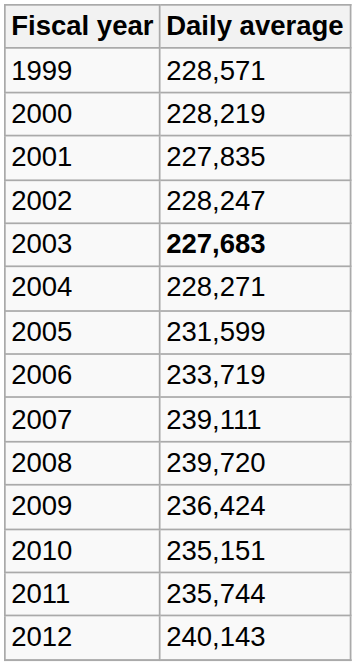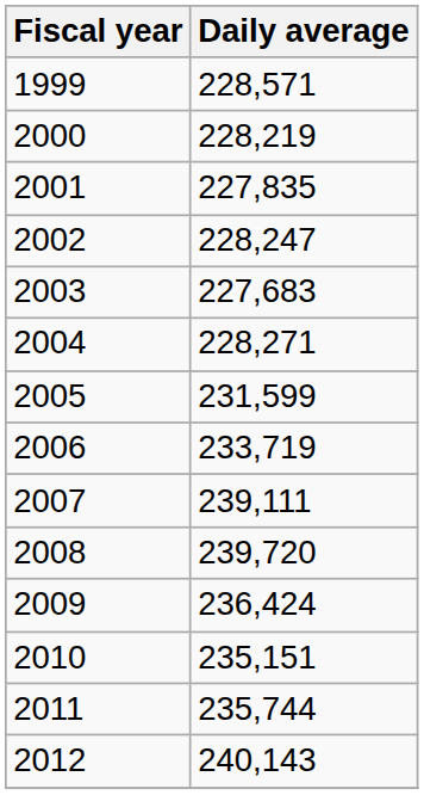 <table class="wikitable">
 <tr>
 <th>Fiscal year</th>
 <th>Daily average</th>
 </tr>
 <tr>
 <td>1999</td>
 <td>228,571</td>
 </tr>
 <tr>
 <td>2000</td>
 <td>228,219</td>
 </tr>
 <tr>
 <td>2001</td>
 <td>227,835</td>
 </tr>
 <tr>
 <td>2002</td>
 <td>228,247</td>
 </tr>
 <tr>
 <td>2003</td>
-<td><strong>227,683</strong></td>
+<td>227,683</td>
 </tr>
 <tr>
 <td>2004</td>
 <td>228,271</td>
 </tr>
 <tr>
 <td>2005</td>
 <td>231,599</td>
 </tr>
 <tr>
 <td>2006</td>
 <td>233,719</td>
 </tr>
 <tr>
 <td>2007</td>
 <td>239,111</td>
 </tr>
 <tr>
 <td>2008</td>
 <td>239,720</td>
 </tr>
 <tr>
 <td>2009</td>
 <td>236,424</td>
 </tr>
 <tr>
 <td>2010</td>
 <td>235,151</td>
 </tr>
 <tr>
 <td>2011</td>
 <td>235,744</td>
 </tr>
 <tr>
 <td>2012</td>
 <td>240,143</td>
 </tr>
 <tr>
 </tr>
 </table>
